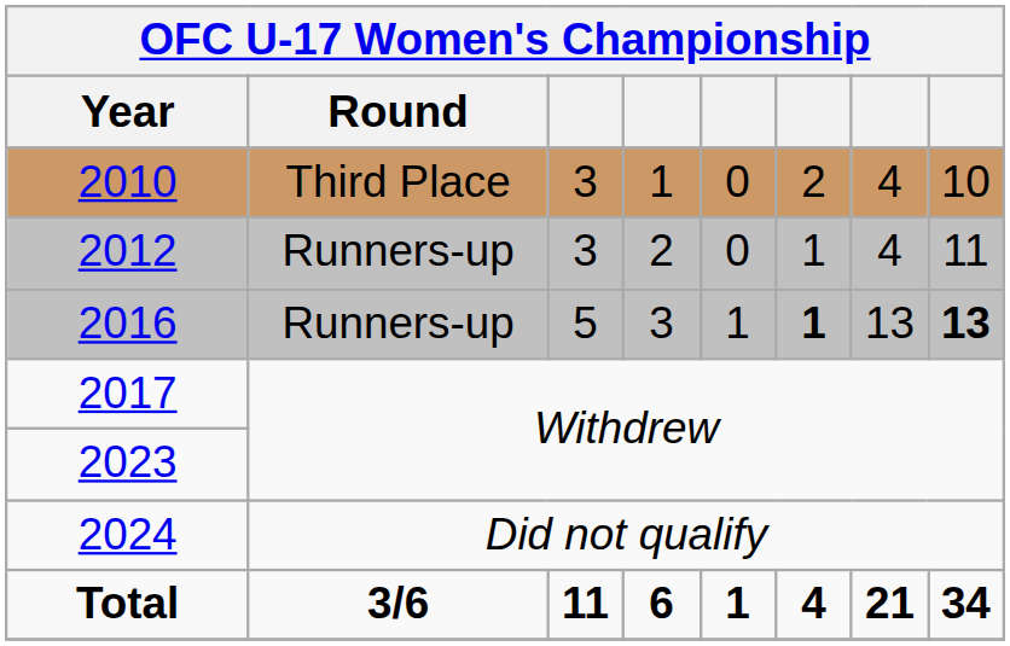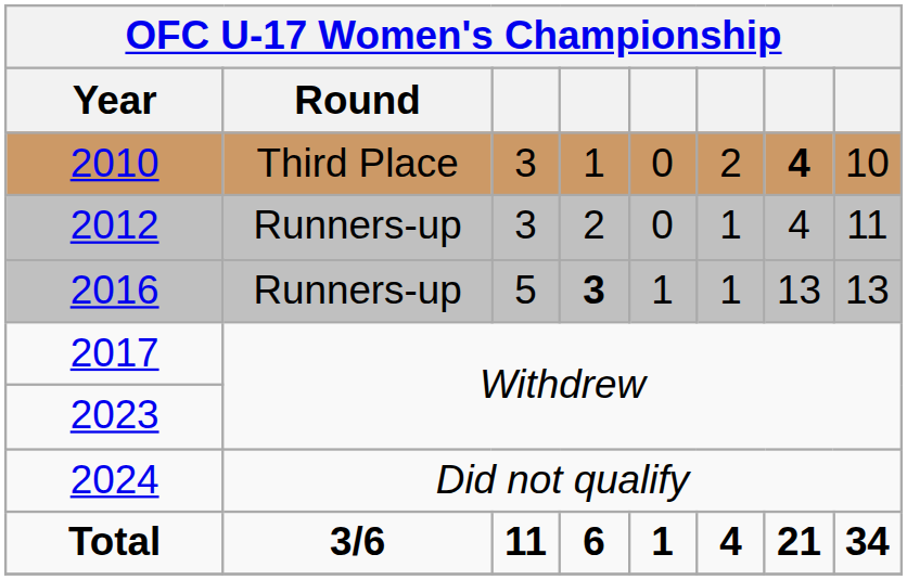 <table class="wikitable" style="text-align: center;">
 <tr>
 <th colspan=10><a href='#'>OFC U-17 Women's Championship</a></th>
 </tr>
 <tr>
 <th width=80>Year</th>
 <th width=100>Round</th>
 <th width=20></th>
 <th width=20></th>
 <th width=20></th>
 <th width=20></th>
 <th width=20></th>
 <th width=20></th>
 </tr>
 <tr bgcolor=#cc9966>
 <td> <a href='#'>2010</a></td>
 <td>Third Place</td>
 <td>3</td>
 <td>1</td>
 <td>0</td>
 <td>2</td>
-<td>4</td>
+<td><strong>4</strong></td>
 <td>10</td>
 </tr>
 <tr bgcolor=silver>
 <td> <a href='#'>2012</a></td>
 <td>Runners-up</td>
 <td>3</td>
 <td>2</td>
 <td>0</td>
 <td>1</td>
 <td>4</td>
 <td>11</td>
 </tr>
 <tr bgcolor=silver>
 <td> <a href='#'>2016</a></td>
 <td>Runners-up</td>
 <td>5</td>
-<td>3</td>
+<td><strong>3</strong></td>
 <td>1</td>
-<td><strong>1</strong></td>
+<td>1</td>
 <td>13</td>
-<td><strong>13</strong></td>
+<td>13</td>
 </tr>
 <tr>
 <td> <a href='#'>2017</a></td>
 <td rowspan=2 colspan=8><em>Withdrew</em></td>
 </tr>
 <tr>
 <td> <a href='#'>2023</a></td>
 </tr>
 <tr>
 <td> <a href='#'>2024</a></td>
 <td colspan=8><em>Did not qualify</em></td>
 </tr>
 <tr>
 <td><strong>Total</strong></td>
 <td><strong>3/6</strong></td>
 <td><strong>11</strong></td>
 <td><strong>6</strong></td>
 <td><strong>1</strong></td>
 <td><strong>4</strong></td>
 <td><strong>21</strong></td>
 <td><strong>34</strong></td>
 </tr>
 <tr>
 </tr>
 </table>
